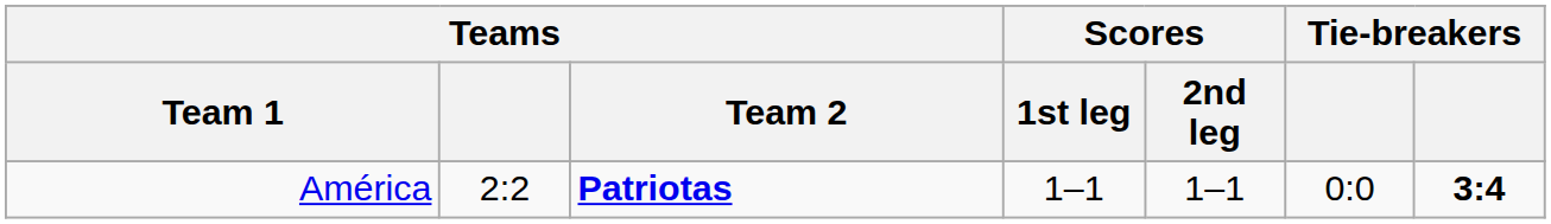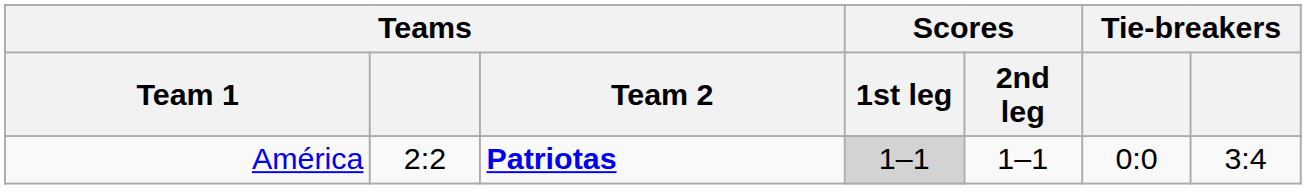 <table class="wikitable" style="text-align: center;">
 <tr>
 <th colspan=3>Teams</th>
 <th colspan=2>Scores</th>
 <th colspan=3>Tie-breakers</th>
 </tr>
 <tr>
 <th style="width:185px;">Team 1</th>
 <th width="50"></th>
 <th style="width:185px;">Team 2</th>
 <th width="55">1st leg</th>
 <th width="55">2nd leg</th>
 <th width="50"></th>
 <th width="50"></th>
 </tr>
 <tr>
 <td align=right><a href='#'>América</a></td>
 <td>2:2</td>
 <td align=left><strong><a href='#'>Patriotas</a></strong></td>
-<td>1–1</td>
+<td style="background: lightgrey;">1–1</td>
 <td>1–1</td>
 <td>0:0</td>
-<td><strong>3:4</strong></td>
+<td>3:4</td>
 </tr>
 </table>
